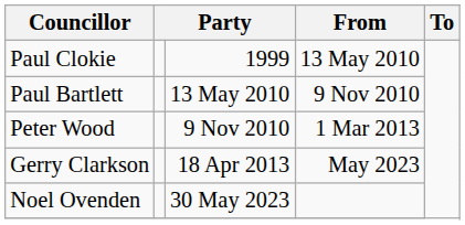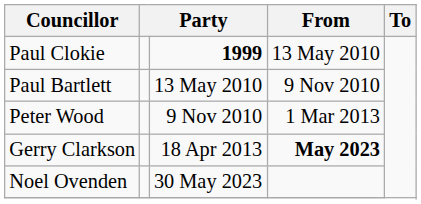 <table class=wikitable>
 <tr>
 <th>Councillor</th>
 <th colspan=2>Party</th>
 <th>From</th>
 <th>To</th>
 </tr>
 <tr>
 <td>Paul Clokie</td>
 <td></td>
-<td align=right>1999</td>
+<td align=right><strong>1999</strong></td>
 <td align=right>13 May 2010</td>
 </tr>
 <tr>
 <td>Paul Bartlett</td>
 <td></td>
 <td align=right>13 May 2010</td>
 <td align=right>9 Nov 2010</td>
 </tr>
 <tr>
 <td>Peter Wood</td>
 <td></td>
 <td align=right>9 Nov 2010</td>
 <td align=right>1 Mar 2013</td>
 </tr>
 <tr>
 <td>Gerry Clarkson</td>
 <td></td>
 <td align=right>18 Apr 2013</td>
-<td align=right>May 2023</td>
+<td align=right><strong>May 2023</strong></td>
 </tr>
 <tr>
 <td>Noel Ovenden</td>
 <td></td>
 <td align=right>30 May 2023</td>
 <td align=right></td>
 </tr>
 <tr>
 </tr>
 </table>
